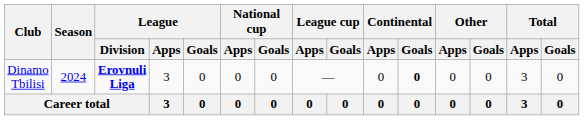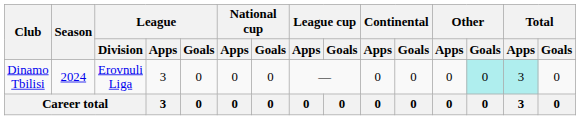 <table class="wikitable" style="text-align:center">
 <tr>
 <th rowspan="2">Club</th>
 <th rowspan="2">Season</th>
 <th colspan="3">League</th>
 <th colspan="2">National cup</th>
 <th colspan="2">League cup</th>
 <th colspan="2">Continental</th>
 <th colspan="2">Other</th>
 <th colspan="2">Total</th>
 </tr>
 <tr>
 <th>Division</th>
 <th>Apps</th>
 <th>Goals</th>
 <th>Apps</th>
 <th>Goals</th>
 <th>Apps</th>
 <th>Goals</th>
 <th>Apps</th>
 <th>Goals</th>
 <th>Apps</th>
 <th>Goals</th>
 <th>Apps</th>
 <th>Goals</th>
 </tr>
 <tr>
 <td><a href='#'>Dinamo Tbilisi</a></td>
 <td><a href='#'>2024</a></td>
-<td><strong><a href='#'>Erovnuli Liga</a></strong></td>
+<td><a href='#'>Erovnuli Liga</a></td>
 <td>3</td>
 <td>0</td>
 <td>0</td>
 <td>0</td>
 <td colspan="2">—</td>
 <td>0</td>
-<td><strong>0</strong></td>
 <td>0</td>
 <td>0</td>
-<td>3</td>
+<td style="background: paleturquoise;">0</td>
+<td style="background: paleturquoise;">3</td>
 <td>0</td>
 </tr>
 <tr>
 <th colspan="3">Career total</th>
 <th>3</th>
 <th>0</th>
 <th>0</th>
 <th>0</th>
 <th>0</th>
 <th>0</th>
 <th>0</th>
 <th>0</th>
 <th>0</th>
 <th>0</th>
 <th>3</th>
 <th>0</th>
 </tr>
 </table>
